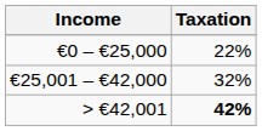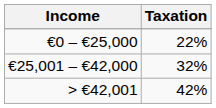 <table class="wikitable">
 <tr>
 <th>Income</th>
 <th>Taxation</th>
 </tr>
 <tr>
 </tr>
 <tr>
 <td align="right">€0 – €25,000</td>
 <td align="right">22%</td>
 </tr>
 <tr>
 <td align="right">€25,001 – €42,000</td>
 <td align="right">32%</td>
 </tr>
 <tr>
 <td align="right">> €42,001</td>
-<td align="right"><strong>42%</strong></td>
+<td align="right">42%</td>
 </tr>
 </table>
